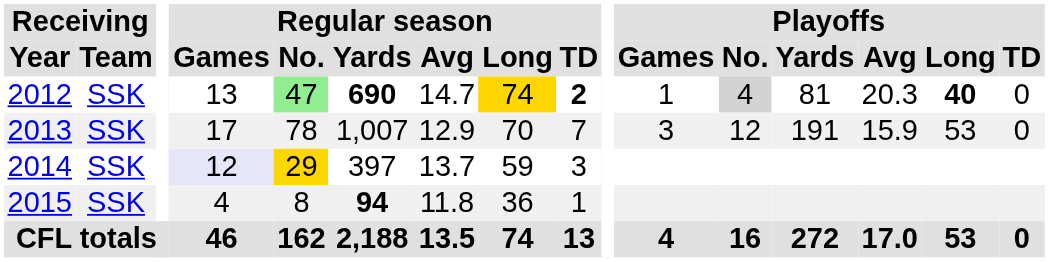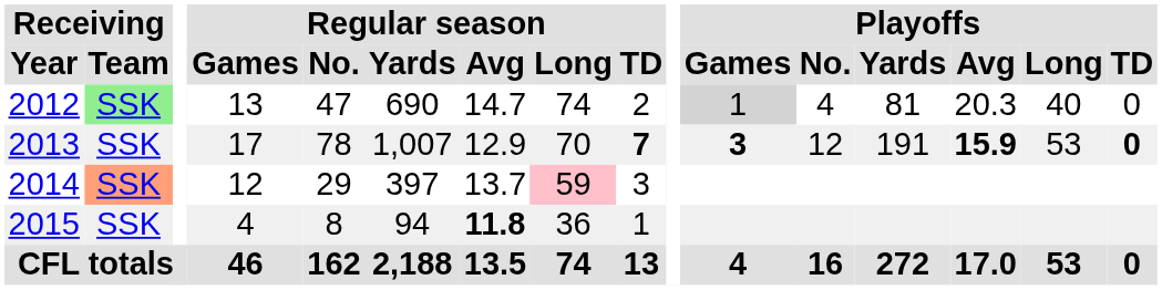 <table border="0" cellpadding="1" cellspacing="0"  style="width:65%; text-align:center;">
 <tr style="background:#e0e0e0;">
 <th colspan="2">Receiving</th>
 <th rowspan="99" style="background:#fff;"> </th>
 <th colspan="6">Regular season</th>
 <th rowspan="99" style="background:#fff;"> </th>
 <th colspan="6">Playoffs</th>
 </tr>
 <tr style="background:#e0e0e0;">
 <th>Year</th>
 <th>Team</th>
 <th>Games</th>
 <th>No.</th>
 <th>Yards</th>
 <th>Avg</th>
 <th>Long</th>
 <th>TD</th>
 <th>Games</th>
 <th>No.</th>
 <th>Yards</th>
 <th>Avg</th>
 <th>Long</th>
 <th>TD</th>
 </tr>
 <tr style="text-align:center;">
 <td><a href='#'>2012</a></td>
-<td><a href='#'>SSK</a></td>
+<td style="background: lightgreen;"><a href='#'>SSK</a></td>
 <td>13</td>
-<td style="background: lightgreen;">47</td>
-<td><strong>690</strong></td>
+<td>47</td>
+<td>690</td>
 <td>14.7</td>
-<td style="background: gold;">74</td>
-<td><strong>2</strong></td>
-<td>1</td>
-<td style="background: lightgrey;">4</td>
+<td>74</td>
+<td>2</td>
+<td style="background: lightgrey;">1</td>
+<td>4</td>
 <td>81</td>
 <td>20.3</td>
-<td><strong>40</strong></td>
+<td>40</td>
 <td>0</td>
 </tr>
 <tr style="text-align:center; background:#f0f0f0;">
 <td><a href='#'>2013</a></td>
 <td><a href='#'>SSK</a></td>
 <td>17</td>
 <td>78</td>
 <td>1,007</td>
 <td>12.9</td>
 <td>70</td>
-<td>7</td>
-<td>3</td>
+<td><strong>7</strong></td>
+<td><strong>3</strong></td>
 <td>12</td>
 <td>191</td>
-<td>15.9</td>
+<td><strong>15.9</strong></td>
 <td>53</td>
-<td>0</td>
+<td><strong>0</strong></td>
 </tr>
 <tr style="text-align:center;">
 <td><a href='#'>2014</a></td>
-<td><a href='#'>SSK</a></td>
-<td style="background: lavender;">12</td>
-<td style="background: gold;">29</td>
+<td style="background: lightsalmon;"><a href='#'>SSK</a></td>
+<td>12</td>
+<td>29</td>
 <td>397</td>
 <td>13.7</td>
-<td>59</td>
+<td style="background: pink;">59</td>
 <td>3</td>
 <td></td>
 <td></td>
 <td></td>
 <td></td>
 <td></td>
 <td></td>
 </tr>
 <tr style="text-align:center; background:#f0f0f0;">
 <td><a href='#'>2015</a></td>
 <td><a href='#'>SSK</a></td>
 <td>4</td>
 <td>8</td>
-<td><strong>94</strong></td>
-<td>11.8</td>
+<td>94</td>
+<td><strong>11.8</strong></td>
 <td>36</td>
 <td>1</td>
 <td></td>
 <td></td>
 <td></td>
 <td></td>
 <td></td>
 <td></td>
 </tr>
 <tr bgcolor="#e0e0e0">
 <th colspan="3">CFL totals</th>
 <th>46</th>
 <th>162</th>
 <th>2,188</th>
 <th>13.5</th>
 <th>74</th>
 <th>13</th>
 <th>4</th>
 <th>16</th>
 <th>272</th>
 <th>17.0</th>
 <th>53</th>
 <th>0</th>
 </tr>
 </table>
